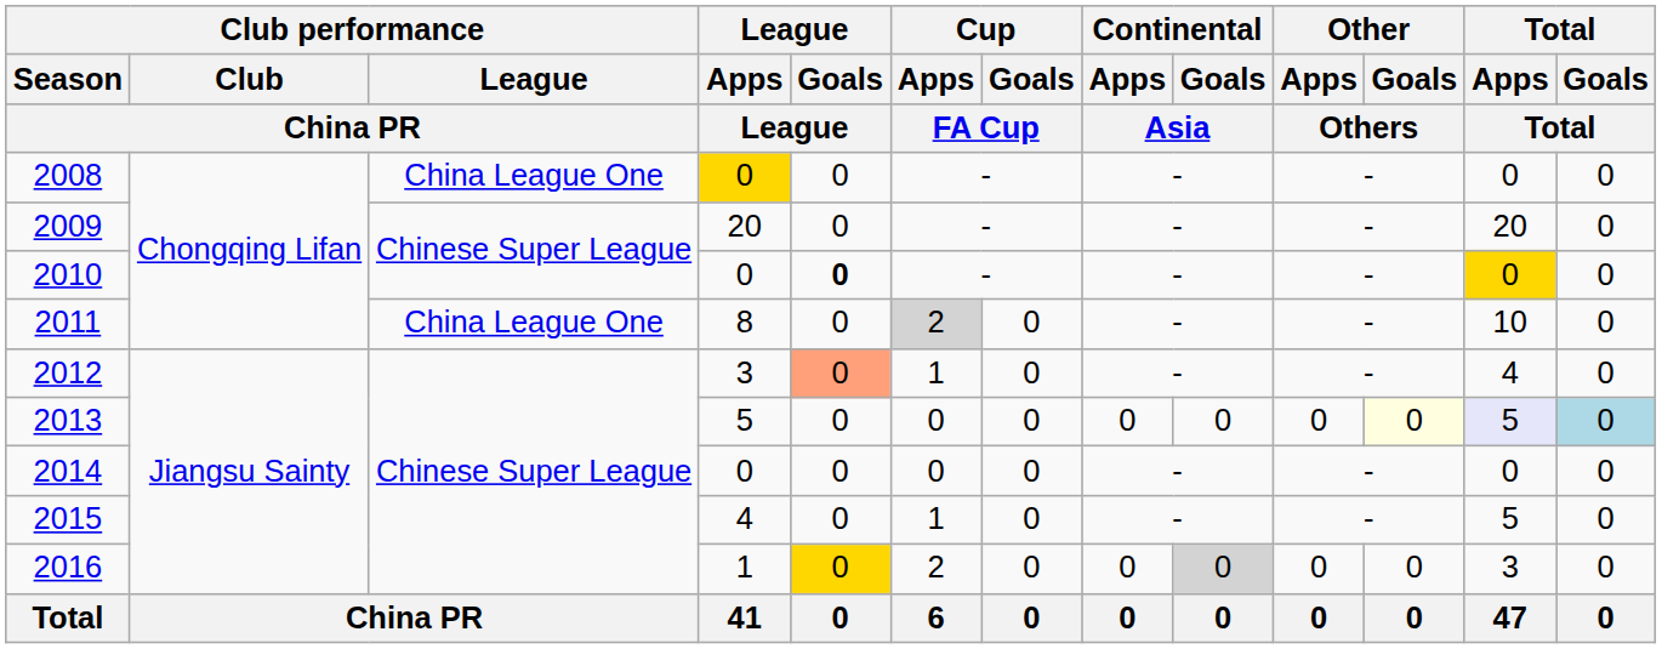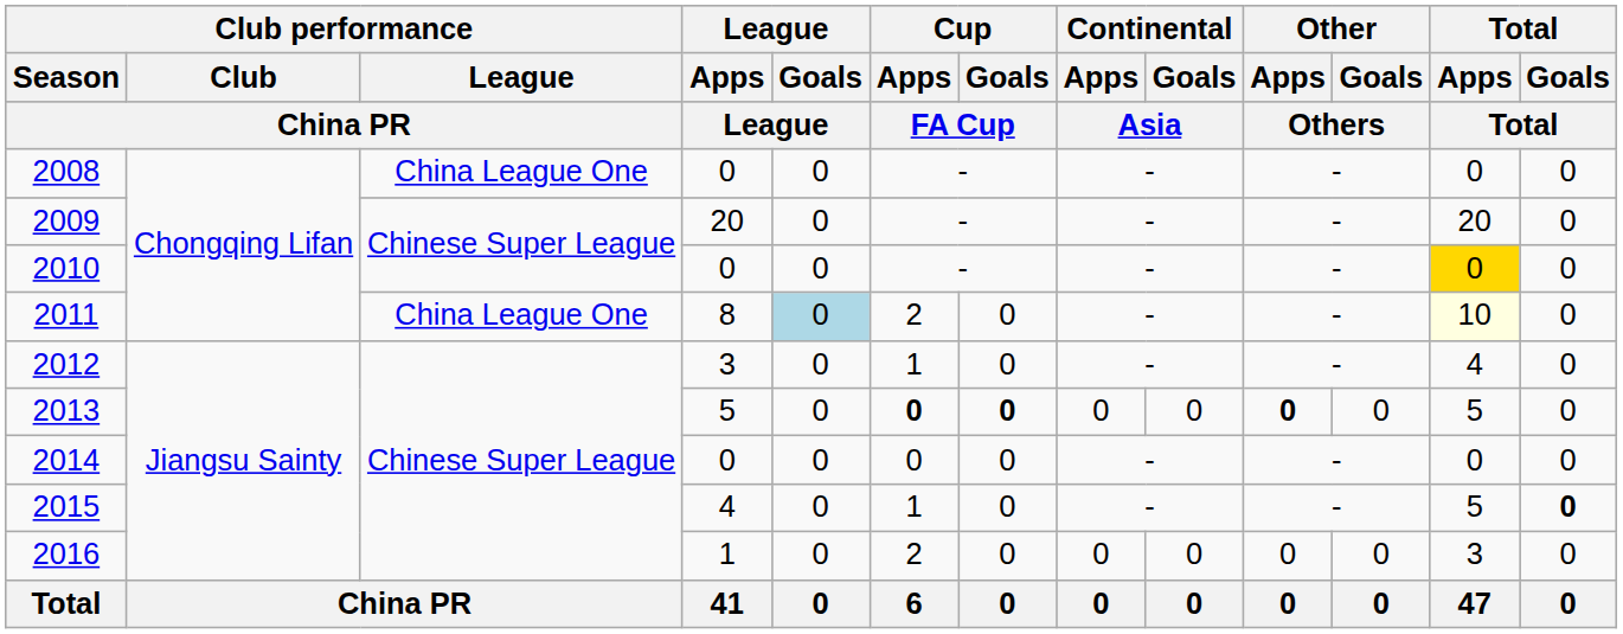 <table class="wikitable" style="text-align:center">
 <tr>
 <th colspan=3>Club performance</th>
 <th colspan=2>League</th>
 <th colspan=2>Cup</th>
 <th colspan=2>Continental</th>
 <th colspan=2>Other</th>
 <th colspan=2>Total</th>
 </tr>
 <tr>
 <th>Season</th>
 <th>Club</th>
 <th>League</th>
 <th>Apps</th>
 <th>Goals</th>
 <th>Apps</th>
 <th>Goals</th>
 <th>Apps</th>
 <th>Goals</th>
 <th>Apps</th>
 <th>Goals</th>
 <th>Apps</th>
 <th>Goals</th>
 </tr>
 <tr>
 <th colspan=3>China PR</th>
 <th colspan=2>League</th>
 <th colspan=2><a href='#'>FA Cup</a></th>
 <th colspan=2><a href='#'>Asia</a></th>
 <th colspan=2>Others</th>
 <th colspan=2>Total</th>
 </tr>
 <tr>
 <td><a href='#'>2008</a></td>
 <td rowspan="4"><a href='#'>Chongqing Lifan</a></td>
 <td><a href='#'>China League One</a></td>
-<td style="background: gold;">0</td>
+<td>0</td>
 <td>0</td>
 <td colspan="2">-</td>
 <td colspan="2">-</td>
 <td colspan="2">-</td>
 <td>0</td>
 <td>0</td>
 </tr>
 <tr>
 <td><a href='#'>2009</a></td>
 <td rowspan="2"><a href='#'>Chinese Super League</a></td>
 <td>20</td>
 <td>0</td>
 <td colspan="2">-</td>
 <td colspan="2">-</td>
 <td colspan="2">-</td>
 <td>20</td>
 <td>0</td>
 </tr>
 <tr>
 <td><a href='#'>2010</a></td>
 <td>0</td>
-<td><strong>0</strong></td>
+<td>0</td>
 <td colspan="2">-</td>
 <td colspan="2">-</td>
 <td colspan="2">-</td>
 <td style="background: gold;">0</td>
 <td>0</td>
 </tr>
 <tr>
 <td><a href='#'>2011</a></td>
 <td><a href='#'>China League One</a></td>
 <td>8</td>
-<td>0</td>
-<td style="background: lightgrey;">2</td>
+<td style="background: lightblue;">0</td>
+<td>2</td>
 <td>0</td>
 <td colspan="2">-</td>
 <td colspan="2">-</td>
-<td>10</td>
+<td style="background: lightyellow;">10</td>
 <td>0</td>
 </tr>
 <tr>
 <td><a href='#'>2012</a></td>
 <td rowspan="5"><a href='#'>Jiangsu Sainty</a></td>
 <td rowspan="5"><a href='#'>Chinese Super League</a></td>
 <td>3</td>
-<td style="background: lightsalmon;">0</td>
+<td>0</td>
 <td>1</td>
 <td>0</td>
 <td colspan="2">-</td>
 <td colspan="2">-</td>
 <td>4</td>
 <td>0</td>
 </tr>
 <tr>
 <td><a href='#'>2013</a></td>
 <td>5</td>
 <td>0</td>
+<td><strong>0</strong></td>
+<td><strong>0</strong></td>
 <td>0</td>
 <td>0</td>
+<td><strong>0</strong></td>
 <td>0</td>
+<td>5</td>
 <td>0</td>
-<td>0</td>
-<td style="background: lightyellow;">0</td>
-<td style="background: lavender;">5</td>
-<td style="background: lightblue;">0</td>
 </tr>
 <tr>
 <td><a href='#'>2014</a></td>
 <td>0</td>
 <td>0</td>
 <td>0</td>
 <td>0</td>
 <td colspan="2">-</td>
 <td colspan="2">-</td>
 <td>0</td>
 <td>0</td>
 </tr>
 <tr>
 <td><a href='#'>2015</a></td>
 <td>4</td>
 <td>0</td>
 <td>1</td>
 <td>0</td>
 <td colspan="2">-</td>
 <td colspan="2">-</td>
 <td>5</td>
-<td>0</td>
+<td><strong>0</strong></td>
 </tr>
 <tr>
 <td><a href='#'>2016</a></td>
 <td>1</td>
-<td style="background: gold;">0</td>
+<td>0</td>
 <td>2</td>
 <td>0</td>
 <td>0</td>
-<td style="background: lightgrey;">0</td>
+<td>0</td>
 <td>0</td>
 <td>0</td>
 <td>3</td>
 <td>0</td>
 </tr>
 <tr>
 <th rowspan=3>Total</th>
 <th colspan=2>China PR</th>
 <th>41</th>
 <th>0</th>
 <th>6</th>
 <th>0</th>
 <th>0</th>
 <th>0</th>
 <th>0</th>
 <th>0</th>
 <th>47</th>
 <th>0</th>
 </tr>
 </table>
